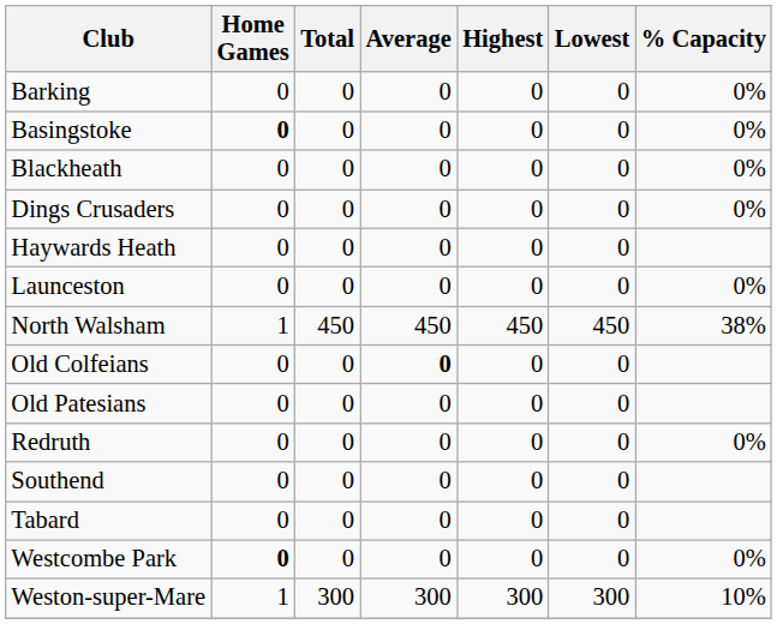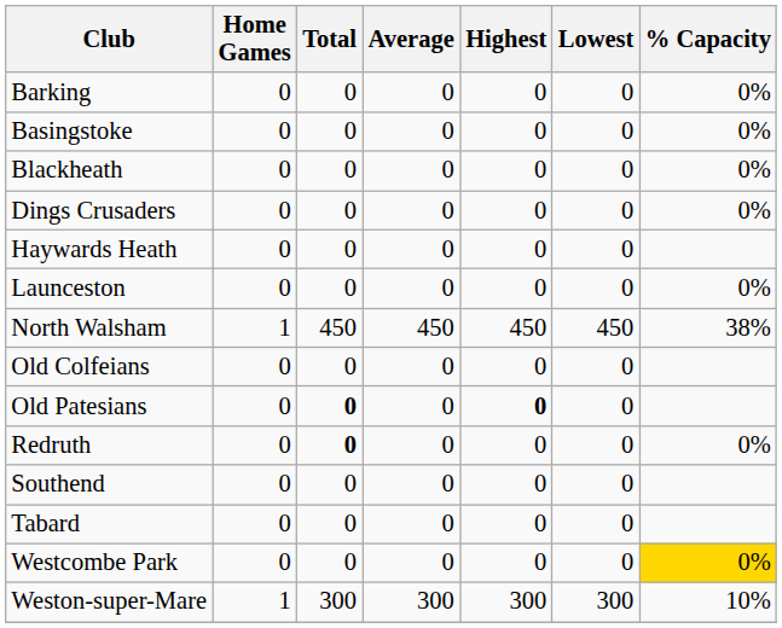 <table class="wikitable sortable" style="text-align:right">
 <tr>
 <th>Club</th>
 <th>Home<br>Games</th>
 <th>Total</th>
 <th>Average</th>
 <th>Highest</th>
 <th>Lowest</th>
 <th>% Capacity</th>
 </tr>
 <tr>
 <td style="text-align:left">Barking</td>
 <td>0</td>
 <td>0</td>
 <td>0</td>
 <td>0</td>
 <td>0</td>
 <td>0%</td>
 </tr>
 <tr>
 <td style="text-align:left">Basingstoke</td>
-<td><strong>0</strong></td>
+<td>0</td>
 <td>0</td>
 <td>0</td>
 <td>0</td>
 <td>0</td>
 <td>0%</td>
 </tr>
 <tr>
 <td style="text-align:left">Blackheath</td>
 <td>0</td>
 <td>0</td>
 <td>0</td>
 <td>0</td>
 <td>0</td>
 <td>0%</td>
 </tr>
 <tr>
 <td style="text-align:left">Dings Crusaders</td>
 <td>0</td>
 <td>0</td>
 <td>0</td>
 <td>0</td>
 <td>0</td>
 <td>0%</td>
 </tr>
 <tr>
 <td style="text-align:left">Haywards Heath</td>
 <td>0</td>
 <td>0</td>
 <td>0</td>
 <td>0</td>
 <td>0</td>
 <td></td>
 </tr>
 <tr>
 <td style="text-align:left">Launceston</td>
 <td>0</td>
 <td>0</td>
 <td>0</td>
 <td>0</td>
 <td>0</td>
 <td>0%</td>
 </tr>
 <tr>
 <td style="text-align:left">North Walsham</td>
 <td>1</td>
 <td>450</td>
 <td>450</td>
 <td>450</td>
 <td>450</td>
 <td>38%</td>
 </tr>
 <tr>
 <td style="text-align:left">Old Colfeians</td>
 <td>0</td>
 <td>0</td>
-<td><strong>0</strong></td>
+<td>0</td>
 <td>0</td>
 <td>0</td>
 <td></td>
 </tr>
 <tr>
 <td style="text-align:left">Old Patesians</td>
 <td>0</td>
+<td><strong>0</strong></td>
 <td>0</td>
-<td>0</td>
-<td>0</td>
+<td><strong>0</strong></td>
 <td>0</td>
 <td></td>
 </tr>
 <tr>
 <td style="text-align:left">Redruth</td>
 <td>0</td>
-<td>0</td>
+<td><strong>0</strong></td>
 <td>0</td>
 <td>0</td>
 <td>0</td>
 <td>0%</td>
 </tr>
 <tr>
 <td style="text-align:left">Southend</td>
 <td>0</td>
 <td>0</td>
 <td>0</td>
 <td>0</td>
 <td>0</td>
 <td></td>
 </tr>
 <tr>
 <td style="text-align:left">Tabard</td>
 <td>0</td>
 <td>0</td>
 <td>0</td>
 <td>0</td>
 <td>0</td>
 <td></td>
 </tr>
 <tr>
 <td style="text-align:left">Westcombe Park</td>
-<td><strong>0</strong></td>
 <td>0</td>
 <td>0</td>
 <td>0</td>
 <td>0</td>
-<td>0%</td>
+<td>0</td>
+<td style="background: gold;">0%</td>
 </tr>
 <tr>
 <td style="text-align:left">Weston-super-Mare</td>
 <td>1</td>
 <td>300</td>
 <td>300</td>
 <td>300</td>
 <td>300</td>
 <td>10%</td>
 </tr>
 <tr>
 </tr>
 </table>
